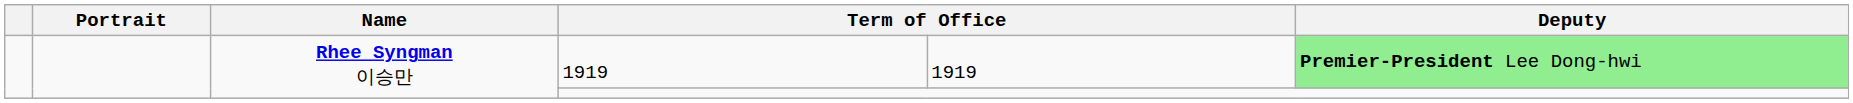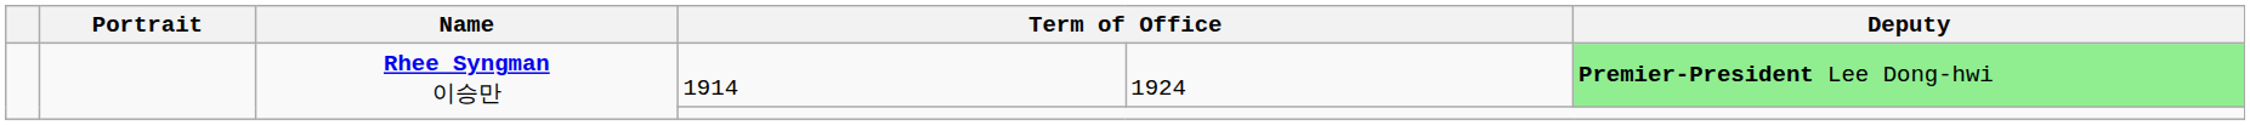 <table class="wikitable" width="100%">
 <tr>
 <th align=left width=10></th>
 <th width=100>Portrait</th>
 <th width=200>Name<br></th>
 <th align=center colspan=2 width=40%>Term of Office</th>
 <th align=left width=30%>Deputy</th>
 </tr>
 <tr>
 <td align=center rowspan=2><strong></strong></td>
 <td align=center rowspan=2></td>
 <td align=center rowspan=2><strong><a href='#'>Rhee Syngman</a></strong><br><span>이승만<br></td>
-<td><br>1919</td>
-<td><br>1919</td>
+<td><br>1914</td>
+<td><br>1924</td>
 <td align=left style="background: lightgreen;"><strong>Premier-President</strong> Lee Dong-hwi</td>
 </tr>
 <tr>
 <td colspan=3></td>
 </tr>
 </table>
